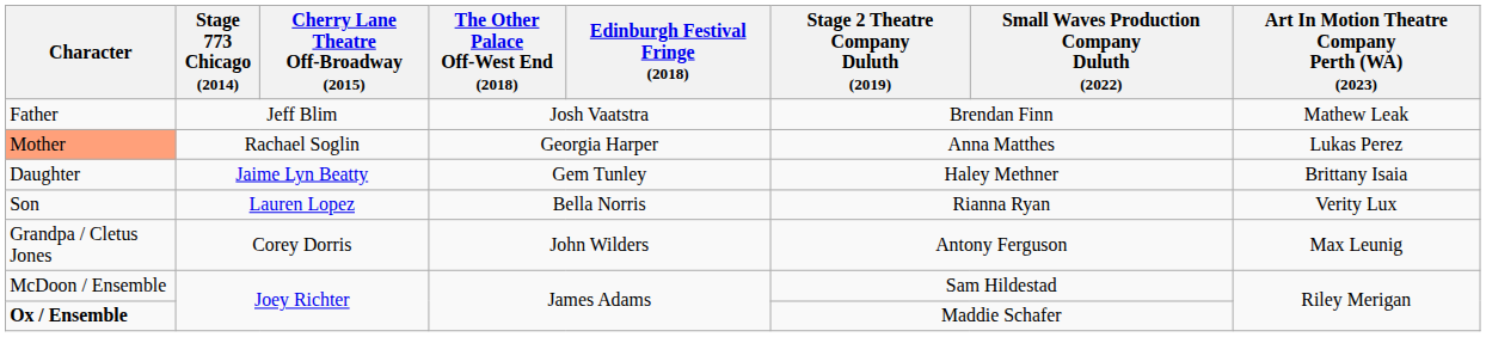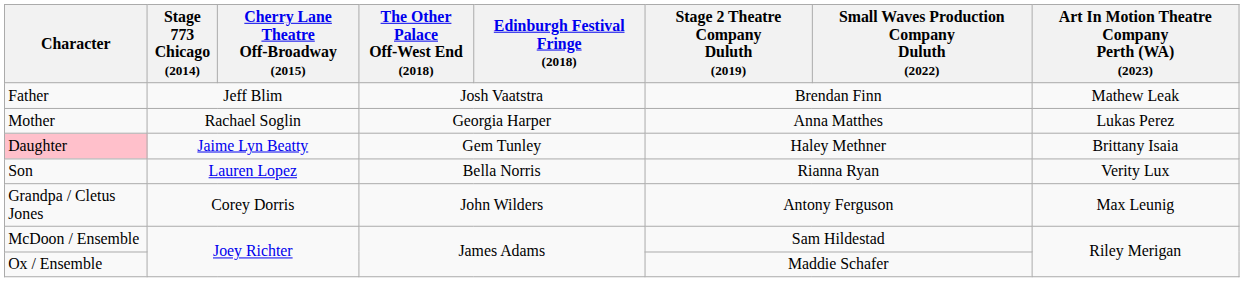 <table class="wikitable" Class="wikitable" font-size:100%; line-height:1.2">
 <tr>
 <th>Character</th>
 <th>Stage 773<br>Chicago<br><small>(2014)</small></th>
 <th><a href='#'>Cherry Lane Theatre</a><br>Off-Broadway<br><small>(2015)</small></th>
 <th><a href='#'>The Other Palace</a><br>Off-West End<br><small>(2018)</small></th>
 <th><a href='#'>Edinburgh Festival Fringe</a><br><small>(2018)</small></th>
 <th>Stage 2 Theatre Company<br>Duluth<br><small>(2019)</small></th>
 <th>Small Waves Production Company<br>Duluth<br><small>(2022)</small></th>
 <th>Art In Motion Theatre Company<br>Perth (WA)<br><small>(2023)</small></th>
 </tr>
 <tr>
 <td>Father</td>
 <td colspan=2 align=center>Jeff Blim</td>
 <td colspan=2 align=center>Josh Vaatstra</td>
 <td colspan=2 align=center>Brendan Finn</td>
 <td colspan=2 align=center>Mathew Leak</td>
 </tr>
 <tr>
-<td style="background: lightsalmon;">Mother</td>
+<td>Mother</td>
 <td colspan=2 align=center>Rachael Soglin</td>
 <td colspan=2 align=center>Georgia Harper</td>
 <td colspan=2 align=center>Anna Matthes</td>
 <td colspan=2 align=center>Lukas Perez</td>
 </tr>
 <tr>
-<td>Daughter</td>
+<td style="background: pink;">Daughter</td>
 <td colspan=2 align=center><a href='#'>Jaime Lyn Beatty</a></td>
 <td colspan=2 align=center>Gem Tunley</td>
 <td colspan=2 align=center>Haley Methner</td>
 <td colspan=2 align=center>Brittany Isaia</td>
 </tr>
 <tr>
 <td>Son</td>
 <td colspan=2 align=center><a href='#'>Lauren Lopez</a></td>
 <td colspan=2 align=center>Bella Norris</td>
 <td colspan=2 align=center>Rianna Ryan</td>
 <td colspan=2 align=center>Verity Lux</td>
 </tr>
 <tr>
 <td>Grandpa / Cletus Jones</td>
 <td colspan=2 align=center>Corey Dorris</td>
 <td colspan=2 align=center>John Wilders</td>
 <td colspan=2 align=center>Antony Ferguson</td>
 <td colspan=2 align=center>Max Leunig</td>
 </tr>
 <tr>
 <td>McDoon / Ensemble</td>
 <td rowspan=2 colspan=2 align=center><a href='#'>Joey Richter</a></td>
 <td rowspan=2 colspan=2 align=center>James Adams</td>
 <td colspan=2 align=center>Sam Hildestad</td>
 <td rowspan=2 colspan=2 align=center>Riley Merigan</td>
 </tr>
 <tr>
-<td><strong>Ox / Ensemble</strong></td>
+<td>Ox / Ensemble</td>
 <td colspan=2 align=center>Maddie Schafer</td>
 </tr>
 </table>
